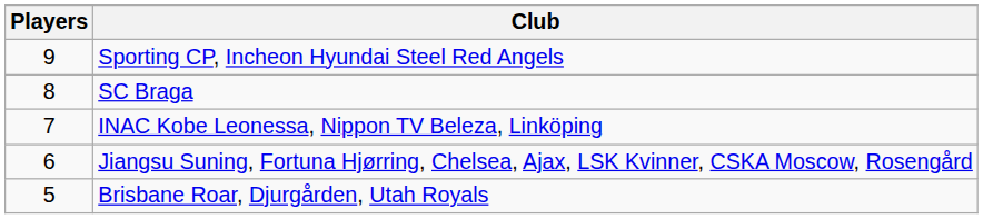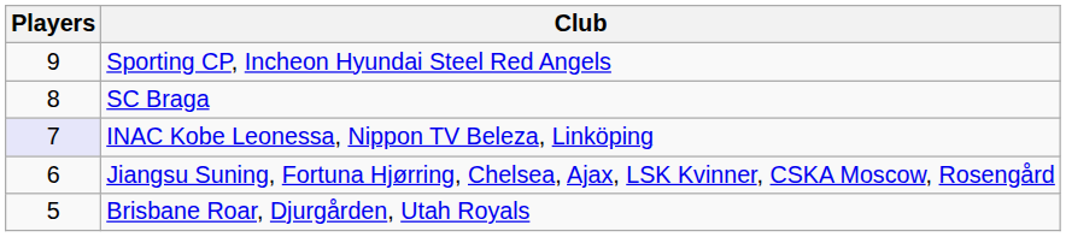 <table class="wikitable">
 <tr>
 <th>Players</th>
 <th>Club</th>
 </tr>
 <tr>
 <td align="center">9</td>
 <td> <a href='#'>Sporting CP</a>,  <a href='#'>Incheon Hyundai Steel Red Angels</a></td>
 </tr>
 <tr>
 <td align="center">8</td>
 <td> <a href='#'>SC Braga</a></td>
 </tr>
 <tr>
-<td align="center">7</td>
+<td align="center" style="background: lavender;">7</td>
 <td> <a href='#'>INAC Kobe Leonessa</a>,  <a href='#'>Nippon TV Beleza</a>,  <a href='#'>Linköping</a></td>
 </tr>
 <tr>
 <td align="center">6</td>
 <td> <a href='#'>Jiangsu Suning</a>,  <a href='#'>Fortuna Hjørring</a>,  <a href='#'>Chelsea</a>,  <a href='#'>Ajax</a>,  <a href='#'>LSK Kvinner</a>,  <a href='#'>CSKA Moscow</a>,  <a href='#'>Rosengård</a></td>
 </tr>
 <tr>
 <td align="center">5</td>
 <td> <a href='#'>Brisbane Roar</a>,  <a href='#'>Djurgården</a>,  <a href='#'>Utah Royals</a></td>
 </tr>
 </table>
